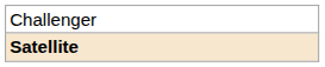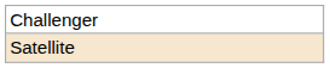 <table class="wikitable" style="font-size:85%;" width=15%>
 <tr bgcolor="#ffffff">
 <td>Challenger</td>
 </tr>
 <tr bgcolor="F7E7CE">
-<td><strong>Satellite</strong></td>
+<td>Satellite</td>
 </tr>
 </table>
